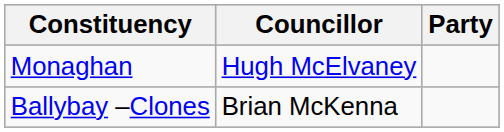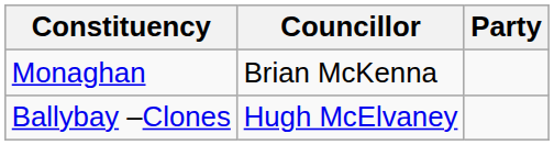 <table class="wikitable">
 <tr>
 <th>Constituency</th>
 <th>Councillor</th>
 <th colspan="2">Party</th>
 </tr>
 <tr>
 <td><a href='#'>Monaghan</a></td>
-<td><a href='#'>Hugh McElvaney</a></td>
+<td>Brian McKenna </td>
 <td></td>
 </tr>
 <tr>
 <td><a href='#'>Ballybay</a> –<a href='#'>Clones</a></td>
-<td>Brian McKenna </td>
+<td><a href='#'>Hugh McElvaney</a></td>
 <td></td>
 </tr>
 </table>
